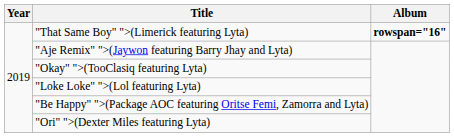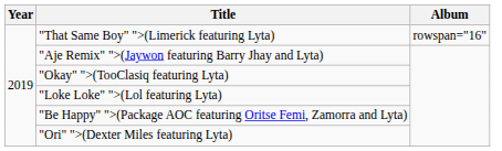 <table class="wikitable sortable">
 <tr>
 <th>Year</th>
 <th>Title</th>
 <th>Album</th>
 </tr>
 <tr>
 <td rowspan="16">2019</td>
 <td>"That Same Boy" <span>">(Limerick featuring Lyta)</span></td>
-<td><strong>rowspan="16" </strong></td>
+<td>rowspan="16" </td>
 </tr>
 <tr>
 <td>"Aje Remix" <span>">(<a href='#'>Jaywon</a> featuring Barry Jhay and Lyta)</span></td>
 </tr>
 <tr>
 <td>"Okay" <span>">(TooClasiq featuring Lyta)</span></td>
 </tr>
 <tr>
 <td>"Loke Loke" <span>">(Lol featuring Lyta)</span></td>
 </tr>
 <tr>
 <td>"Be Happy" <span>">(Package AOC featuring <a href='#'>Oritse Femi</a>, Zamorra and Lyta)</span></td>
 </tr>
 <tr>
 <td>"Ori" <span>">(Dexter Miles featuring Lyta)</span></td>
 </tr>
 </table>
